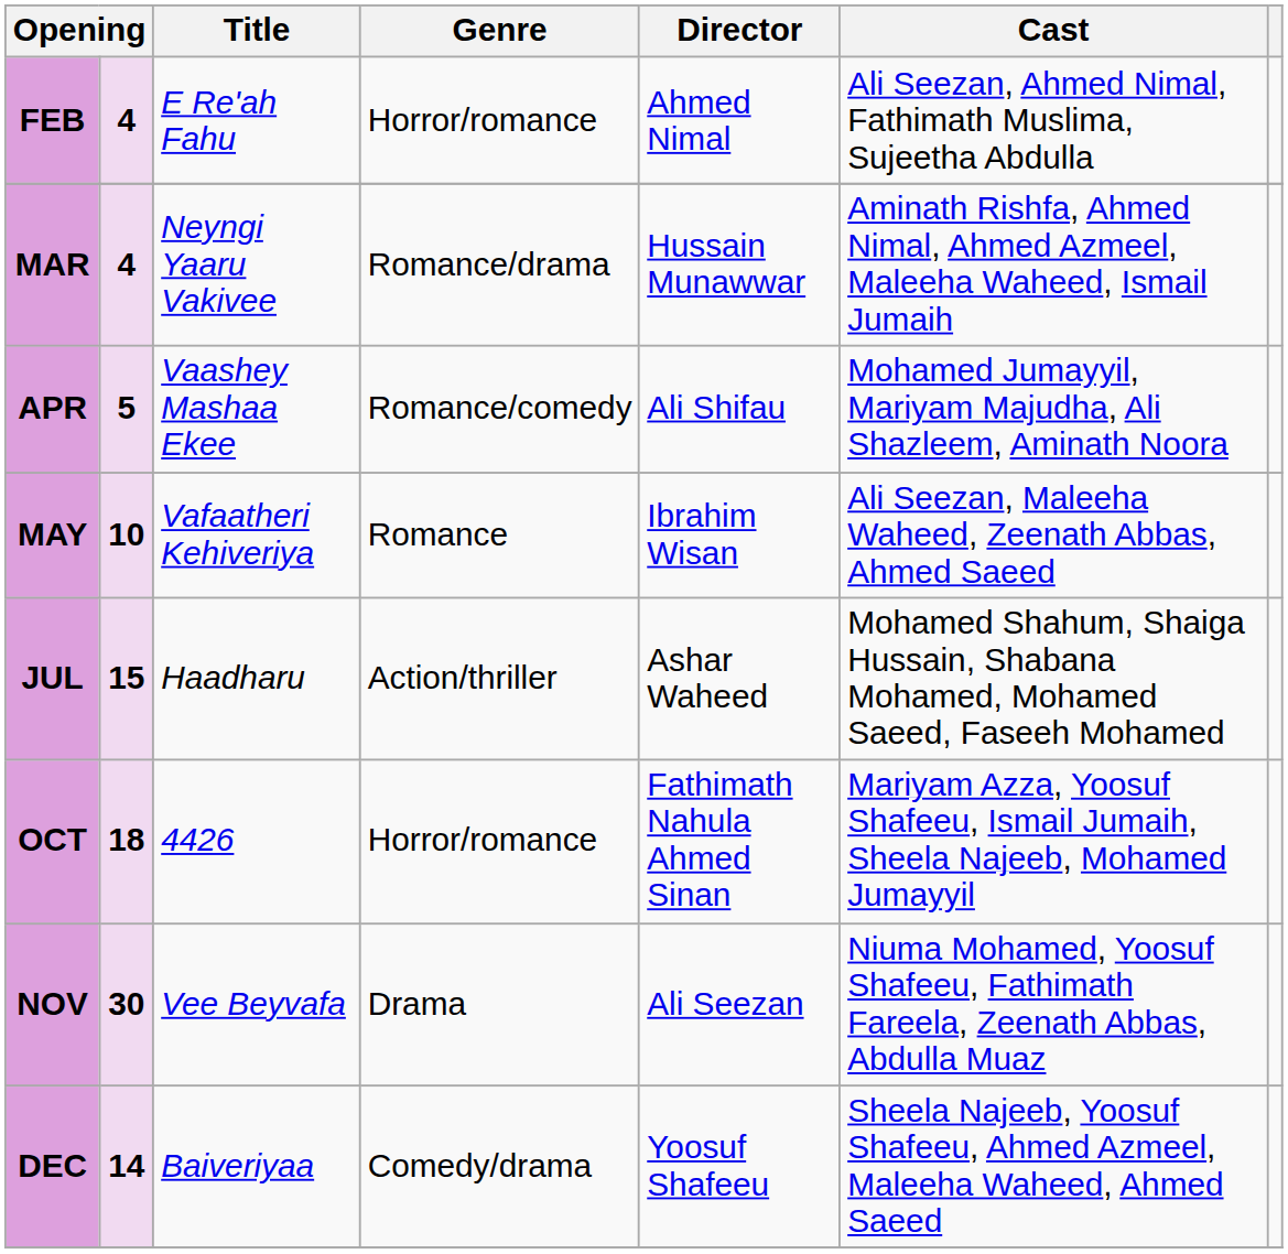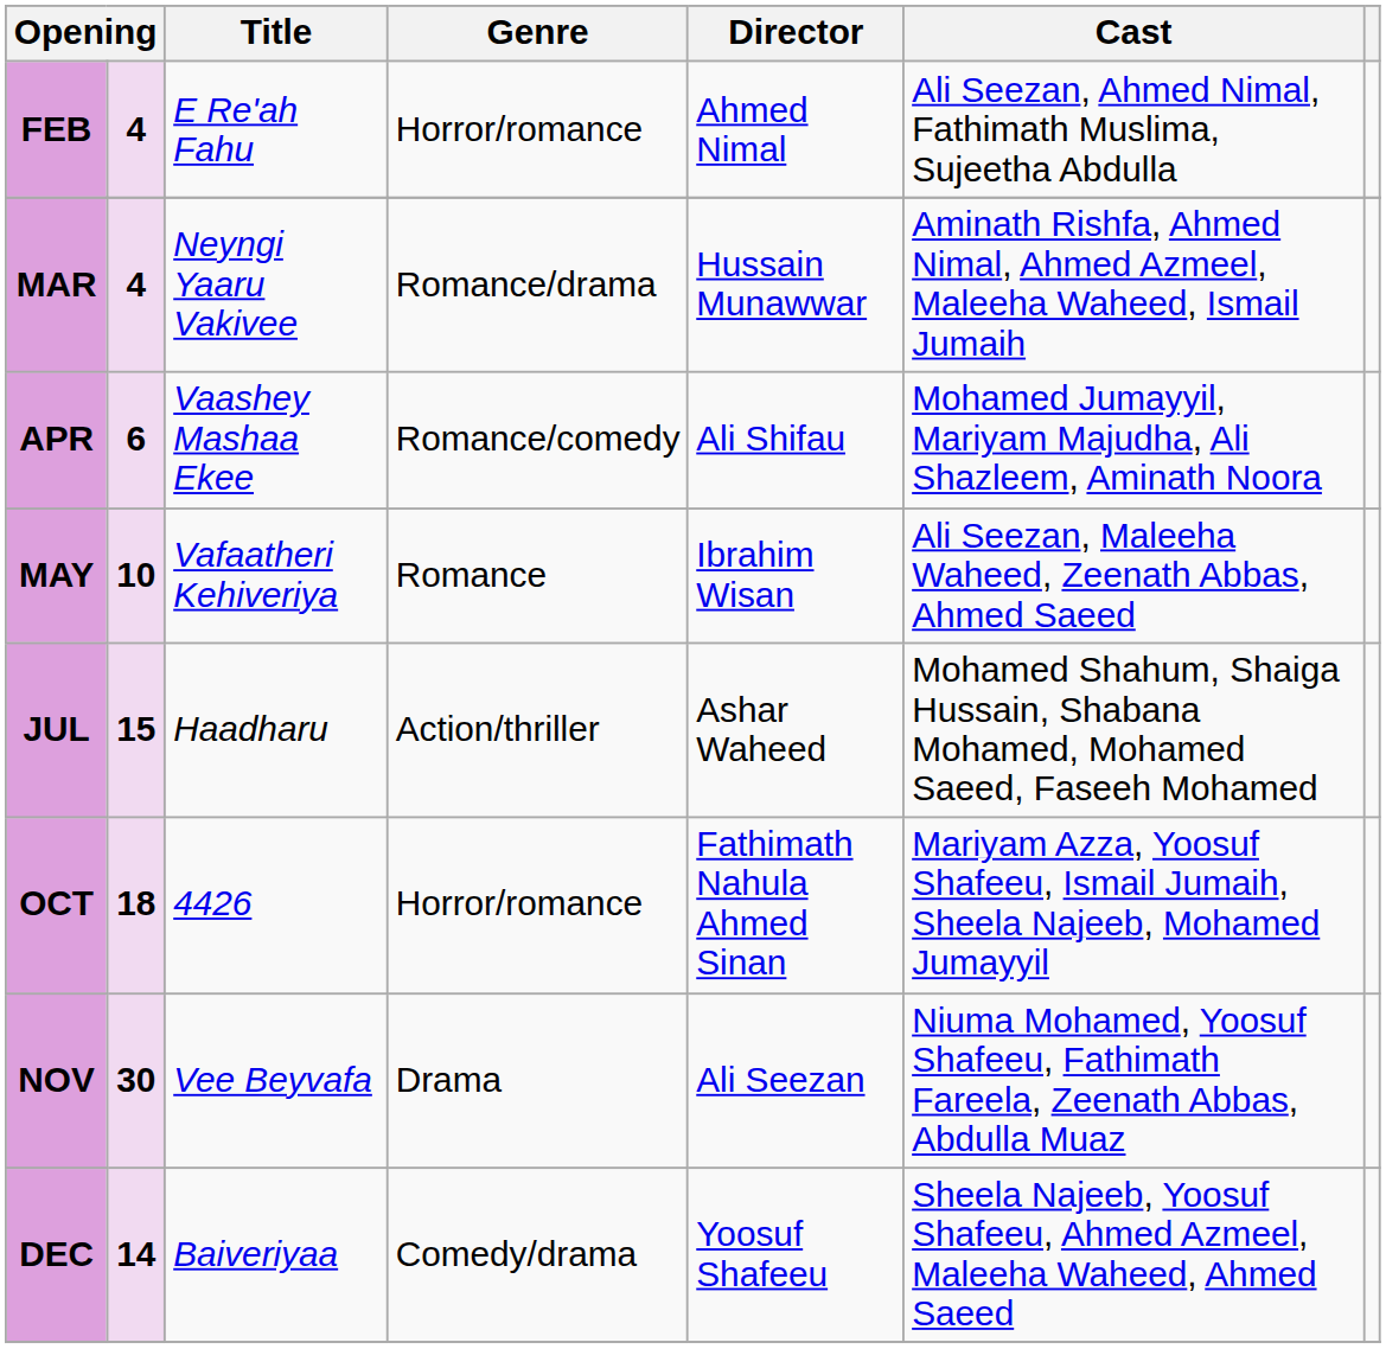 <table class="wikitable plainrowheaders" width="100%">
 <tr>
 <th scope="col" colspan="2">Opening</th>
 <th scope="col">Title</th>
 <th scope="col">Genre</th>
 <th scope="col">Director</th>
 <th scope="col">Cast</th>
 <th scope="col"></th>
 </tr>
 <tr>
 <td style="text-align:center; background:plum; textcolor:#000;"><strong>FEB</strong></td>
 <td style="text-align:center; background:#f1daf1;"><strong>4</strong></td>
 <td><em><a href='#'>E Re'ah Fahu</a></em></td>
 <td>Horror/romance</td>
 <td><a href='#'>Ahmed Nimal</a></td>
 <td><a href='#'>Ali Seezan</a>, <a href='#'>Ahmed Nimal</a>, Fathimath Muslima, Sujeetha Abdulla</td>
 <td style="text-align:center;"></td>
 </tr>
 <tr>
 </tr>
 <tr>
 <td style="text-align:center; background:plum; textcolor:#000;"><strong>MAR</strong></td>
 <td style="text-align:center; background:#f1daf1;"><strong>4</strong></td>
 <td><em><a href='#'>Neyngi Yaaru Vakivee</a></em></td>
 <td>Romance/drama</td>
 <td><a href='#'>Hussain Munawwar</a></td>
 <td><a href='#'>Aminath Rishfa</a>, <a href='#'>Ahmed Nimal</a>, <a href='#'>Ahmed Azmeel</a>, <a href='#'>Maleeha Waheed</a>, <a href='#'>Ismail Jumaih</a></td>
 <td style="text-align:center;"></td>
 </tr>
 <tr>
 <td style="text-align:center; background:plum; textcolor:#000;"><strong>APR</strong></td>
-<td style="text-align:center; background:#f1daf1;"><strong>5</strong></td>
+<td style="text-align:center; background:#f1daf1;"><strong>6</strong></td>
 <td><em><a href='#'>Vaashey Mashaa Ekee</a></em></td>
 <td>Romance/comedy</td>
 <td><a href='#'>Ali Shifau</a></td>
 <td><a href='#'>Mohamed Jumayyil</a>, <a href='#'>Mariyam Majudha</a>, <a href='#'>Ali Shazleem</a>, <a href='#'>Aminath Noora</a></td>
 <td style="text-align:center;"></td>
 </tr>
 <tr>
 <td style="text-align:center; background:plum; textcolor:#000;"><strong>MAY</strong></td>
 <td style="text-align:center; background:#f1daf1;"><strong>10</strong></td>
 <td><em><a href='#'>Vafaatheri Kehiveriya</a></em></td>
 <td>Romance</td>
 <td><a href='#'>Ibrahim Wisan</a></td>
 <td><a href='#'>Ali Seezan</a>, <a href='#'>Maleeha Waheed</a>, <a href='#'>Zeenath Abbas</a>, <a href='#'>Ahmed Saeed</a></td>
 <td style="text-align:center;"></td>
 </tr>
 <tr>
 <td style="text-align:center; background:plum; textcolor:#000;"><strong>JUL</strong></td>
 <td style="text-align:center; background:#f1daf1;"><strong>15</strong></td>
 <td><em>Haadharu</em></td>
 <td>Action/thriller</td>
 <td>Ashar Waheed</td>
 <td>Mohamed Shahum, Shaiga Hussain, Shabana Mohamed, Mohamed Saeed, Faseeh Mohamed</td>
 <td style="text-align:center;"></td>
 </tr>
 <tr>
 <td style="text-align:center; background:plum; textcolor:#000;"><strong>OCT</strong></td>
 <td style="text-align:center; background:#f1daf1;"><strong>18</strong></td>
 <td><em><a href='#'>4426</a></em></td>
 <td>Horror/romance</td>
 <td><a href='#'>Fathimath Nahula</a><br><a href='#'>Ahmed Sinan</a></td>
 <td><a href='#'>Mariyam Azza</a>, <a href='#'>Yoosuf Shafeeu</a>, <a href='#'>Ismail Jumaih</a>, <a href='#'>Sheela Najeeb</a>, <a href='#'>Mohamed Jumayyil</a></td>
 <td style="text-align:center;"></td>
 </tr>
 <tr>
 <td style="text-align:center; background:plum; textcolor:#000;"><strong>NOV</strong></td>
 <td style="text-align:center; background:#f1daf1;"><strong>30</strong></td>
 <td><em><a href='#'>Vee Beyvafa</a></em></td>
 <td>Drama</td>
 <td><a href='#'>Ali Seezan</a></td>
 <td><a href='#'>Niuma Mohamed</a>, <a href='#'>Yoosuf Shafeeu</a>, <a href='#'>Fathimath Fareela</a>, <a href='#'>Zeenath Abbas</a>, <a href='#'>Abdulla Muaz</a></td>
 <td style="text-align:center;"></td>
 </tr>
 <tr>
 <td style="text-align:center; background:plum; textcolor:#000;"><strong>DEC</strong></td>
 <td style="text-align:center; background:#f1daf1;"><strong>14</strong></td>
 <td><em><a href='#'>Baiveriyaa</a></em></td>
 <td>Comedy/drama</td>
 <td><a href='#'>Yoosuf Shafeeu</a></td>
 <td><a href='#'>Sheela Najeeb</a>, <a href='#'>Yoosuf Shafeeu</a>, <a href='#'>Ahmed Azmeel</a>, <a href='#'>Maleeha Waheed</a>, <a href='#'>Ahmed Saeed</a></td>
 <td style="text-align:center;"></td>
 </tr>
 <tr>
 </tr>
 </table>
